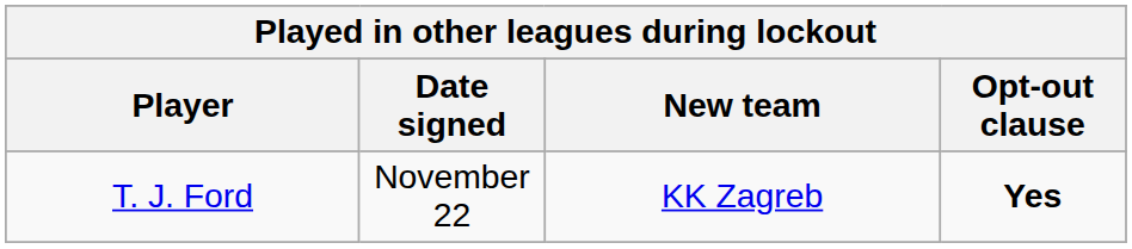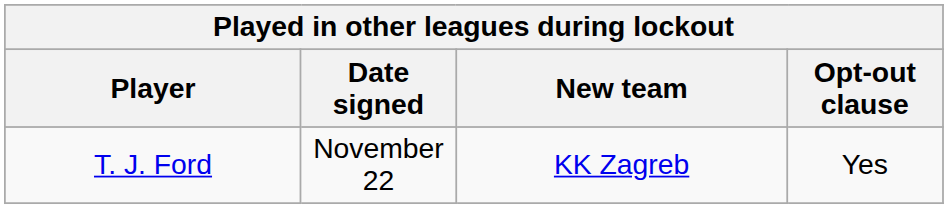 <table class="wikitable" style="text-align:center">
 <tr>
 <th colspan=4>Played in other leagues during lockout</th>
 </tr>
 <tr>
 <th style="width:160px">Player</th>
 <th style="width:80px">Date signed</th>
 <th style="width:180px">New team</th>
 <th style="width:80px">Opt-out clause</th>
 </tr>
 <tr>
 <td><a href='#'>T. J. Ford</a></td>
 <td>November 22</td>
 <td><a href='#'>KK Zagreb</a> </td>
-<td><strong>Yes</strong></td>
+<td>Yes</td>
 </tr>
 </table>
